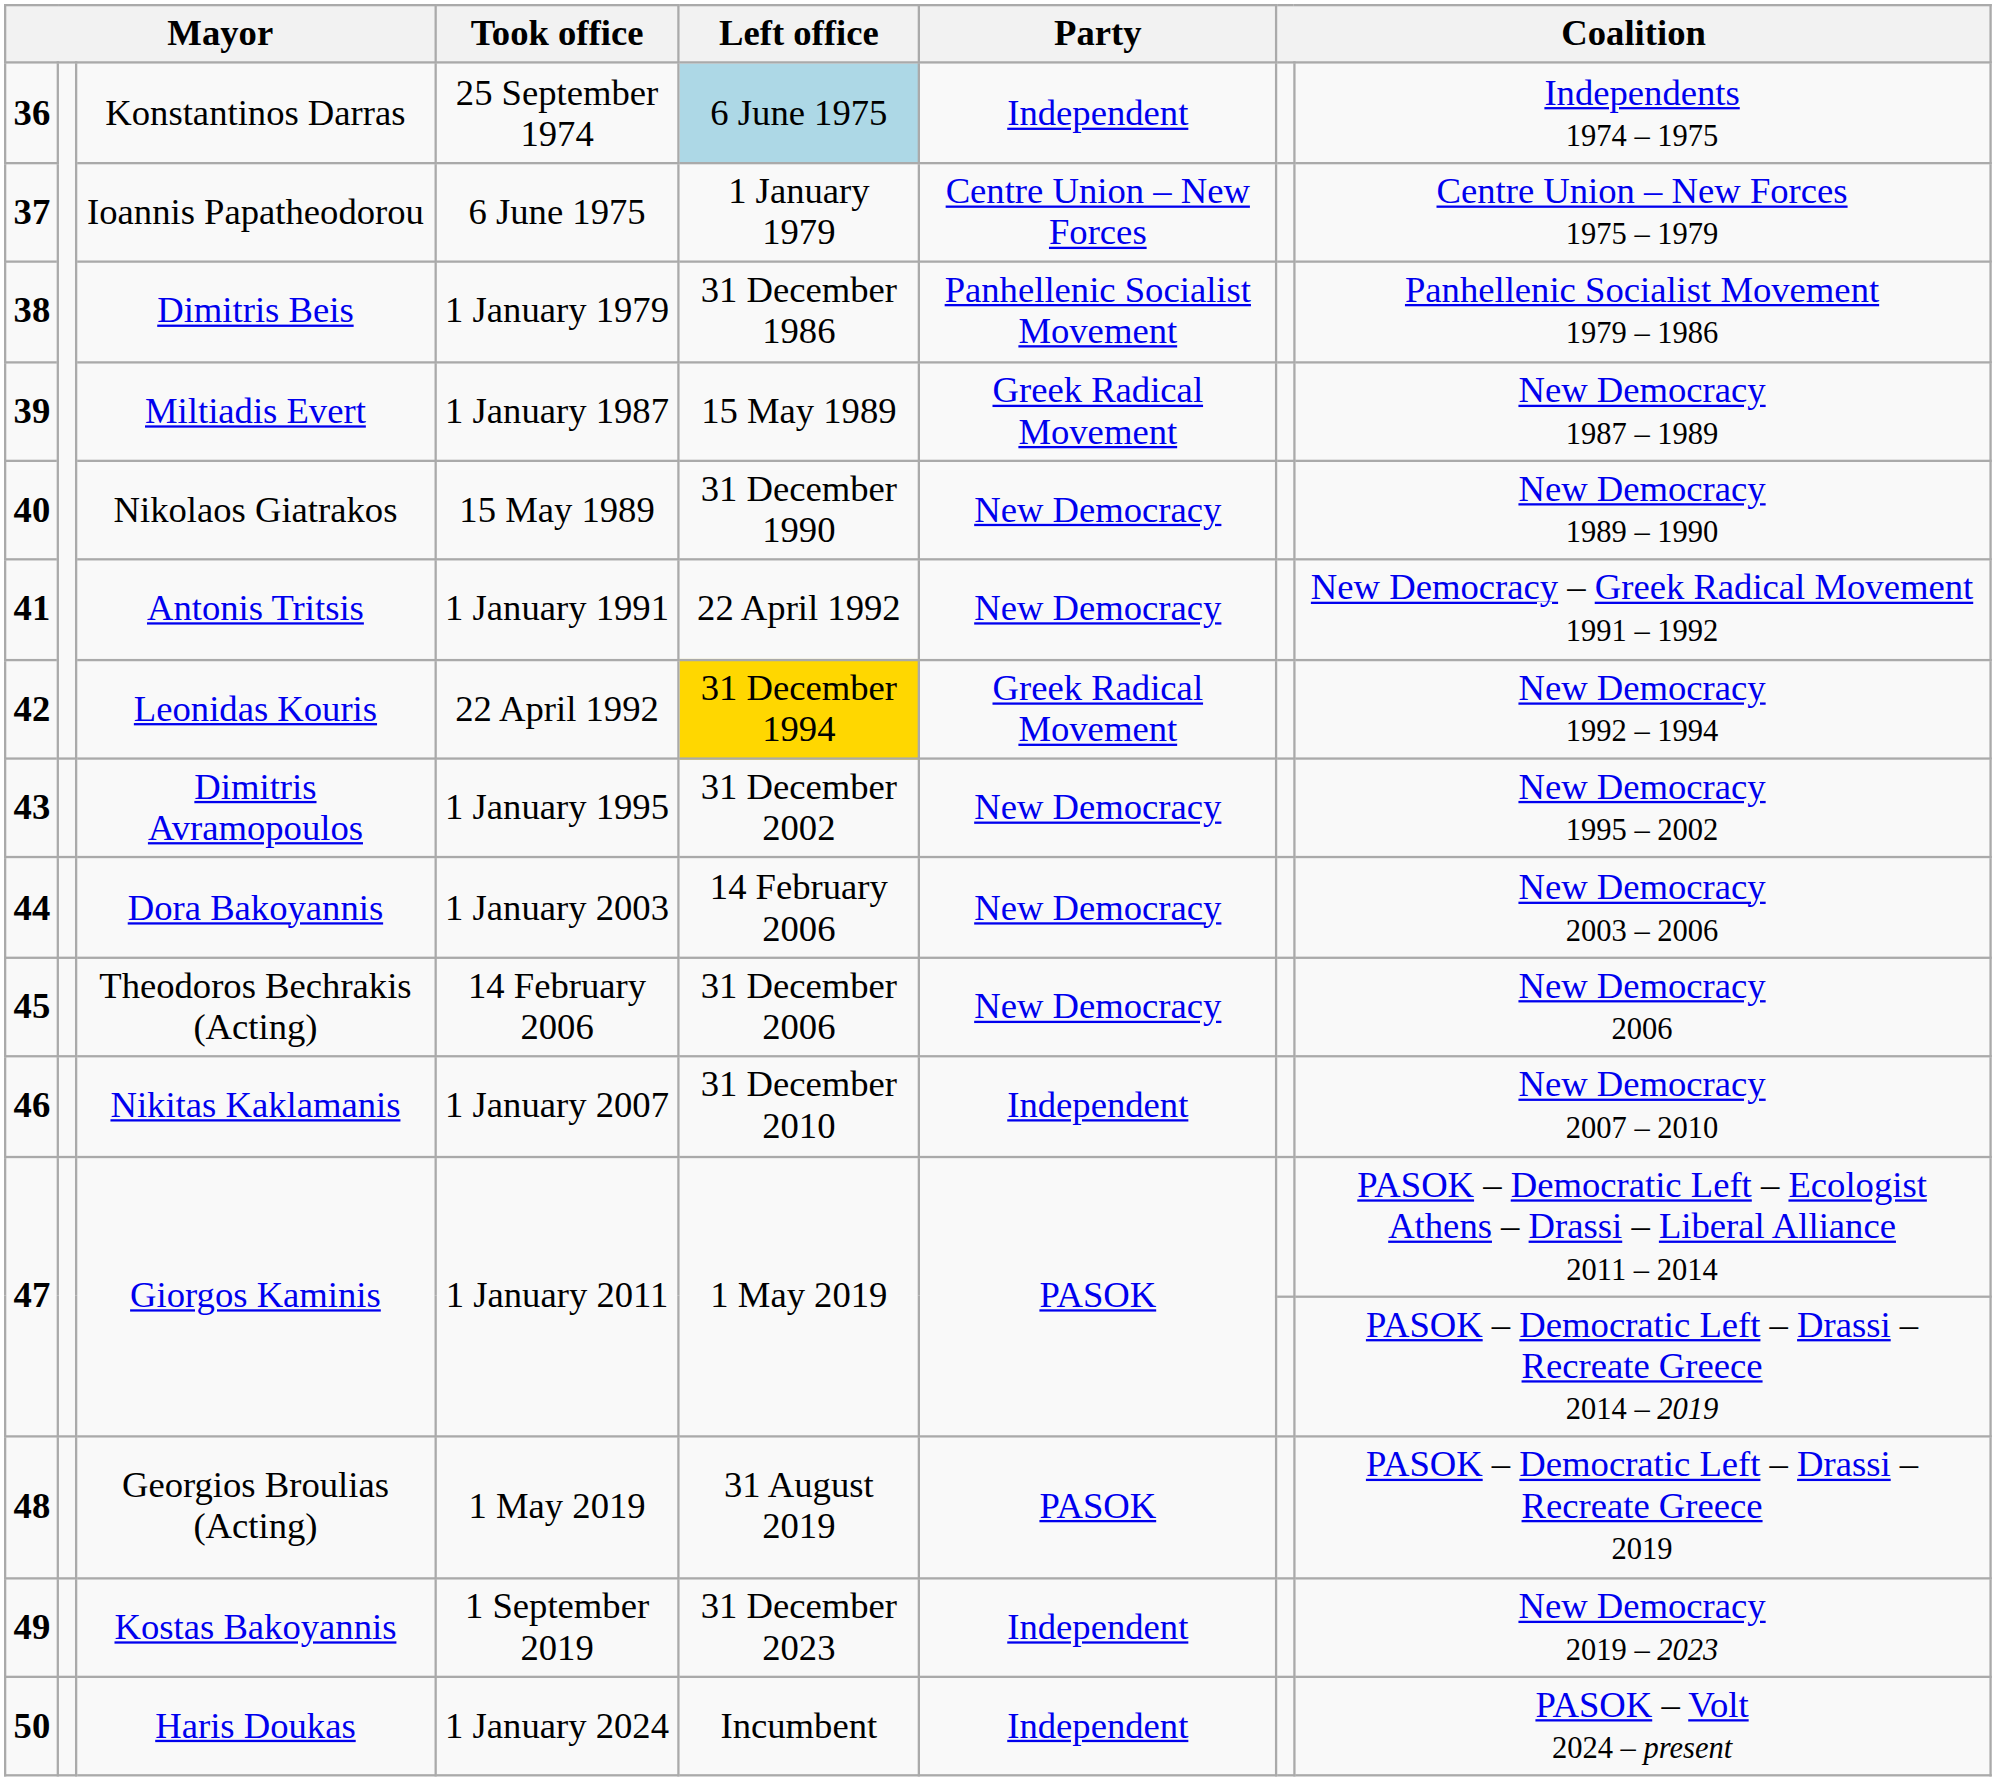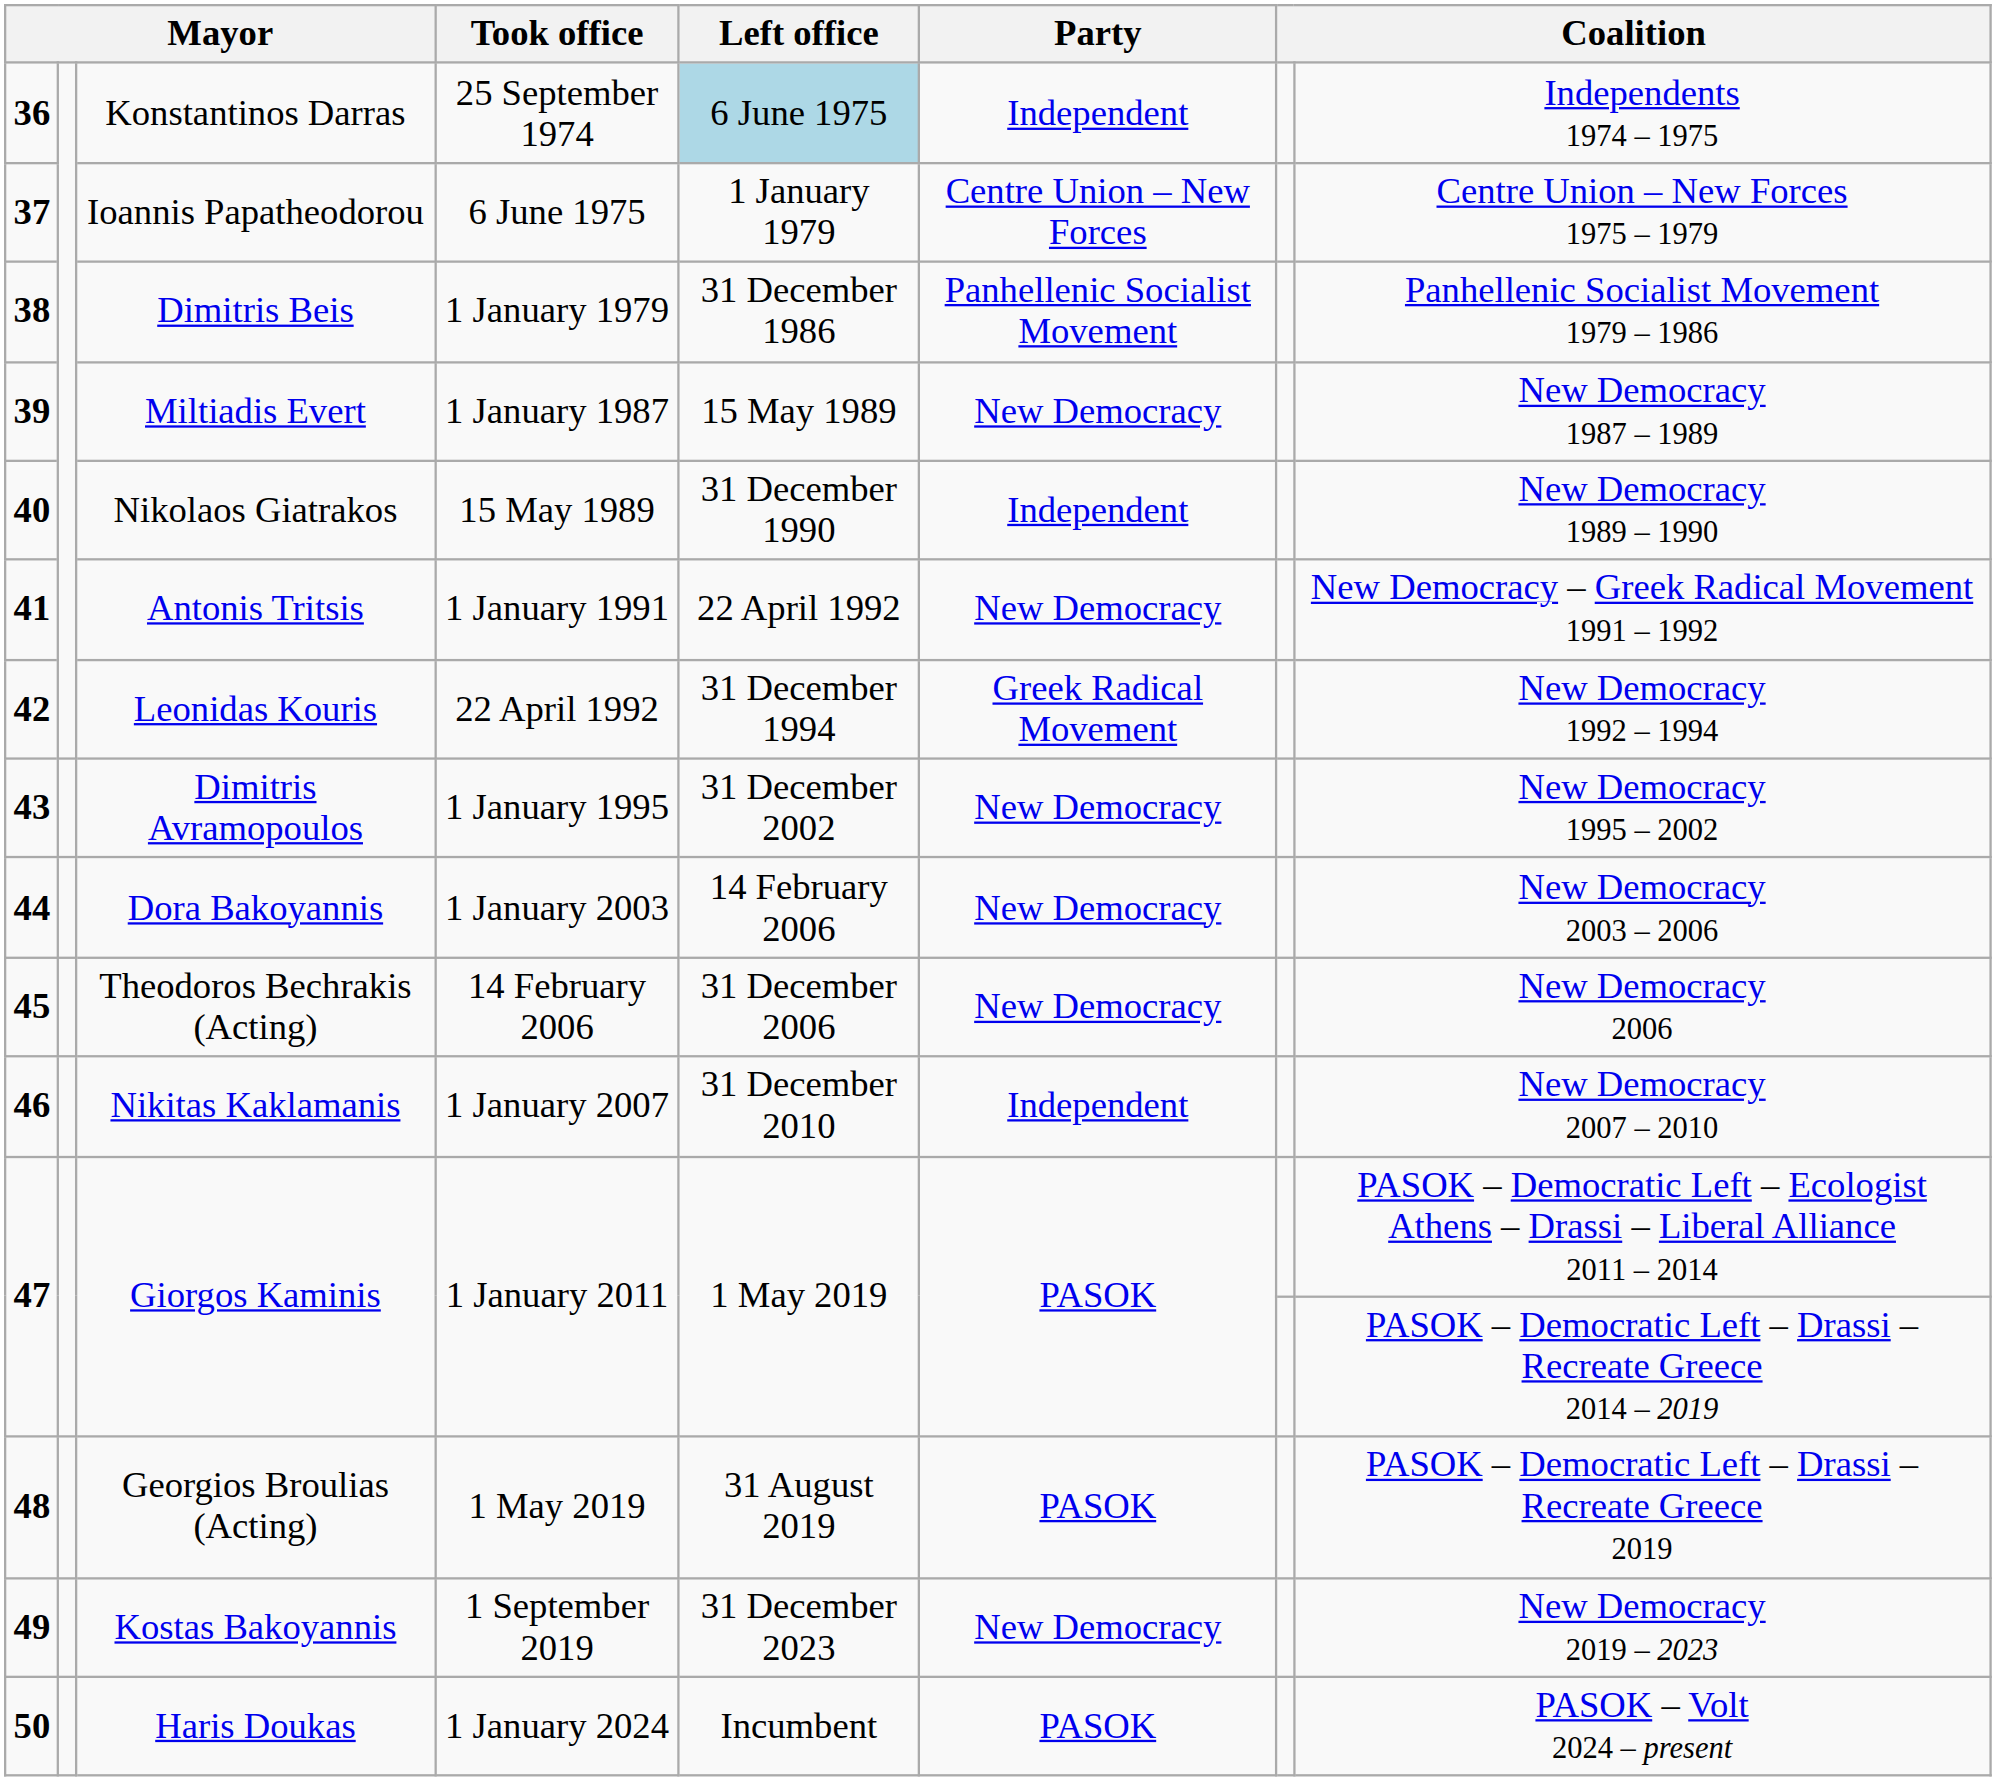 <table class="wikitable" style="text-align: center;">
 <tr>
 <th colspan="3">Mayor</th>
 <th>Took office</th>
 <th>Left office</th>
 <th>Party</th>
 <th colspan="2">Coalition</th>
 </tr>
 <tr>
 <td rowspan=1 style="background: "><strong>36</strong></td>
 <td rowspan=7></td>
 <td>Konstantinos Darras</td>
 <td>25 September 1974</td>
 <td style="background: lightblue;">6 June 1975</td>
 <td><a href='#'>Independent</a></td>
 <td style="background: "></td>
 <td><a href='#'>Independents</a> <br><small>1974 – 1975</small></td>
 </tr>
 <tr>
 <td rowspan=1 style="background: "><strong>37</strong></td>
 <td>Ioannis Papatheodorou</td>
 <td>6 June 1975</td>
 <td>1 January 1979</td>
 <td><a href='#'>Centre Union – New Forces</a></td>
 <td style="background: "></td>
 <td><a href='#'>Centre Union – New Forces</a> <br><small>1975 – 1979</small></td>
 </tr>
 <tr>
 <td rowspan=1 style="background: "><strong>38</strong></td>
 <td><a href='#'>Dimitris Beis</a></td>
 <td>1 January 1979</td>
 <td>31 December 1986</td>
 <td><a href='#'>Panhellenic Socialist Movement</a></td>
 <td style="background: "></td>
 <td><a href='#'>Panhellenic Socialist Movement</a> <br><small>1979 – 1986</small></td>
 </tr>
 <tr>
 <td rowspan=1 style="background: "><strong>39</strong></td>
 <td><a href='#'>Miltiadis Evert</a></td>
 <td>1 January 1987</td>
 <td>15 May 1989</td>
-<td><a href='#'>Greek Radical Movement</a></td>
+<td><a href='#'>New Democracy</a></td>
 <td style="background: "></td>
 <td><a href='#'>New Democracy</a> <br><small>1987 – 1989</small></td>
 </tr>
 <tr>
 <td rowspan=1 style="background: "><strong>40</strong></td>
 <td>Nikolaos Giatrakos</td>
 <td>15 May 1989</td>
 <td>31 December 1990</td>
-<td><a href='#'>New Democracy</a></td>
+<td><a href='#'>Independent</a></td>
 <td style="background: "></td>
 <td><a href='#'>New Democracy</a> <br><small>1989 – 1990</small></td>
 </tr>
 <tr>
 <td rowspan=1 style="background: "><strong>41</strong></td>
 <td><a href='#'>Antonis Tritsis</a></td>
 <td>1 January 1991</td>
 <td>22 April 1992</td>
 <td><a href='#'>New Democracy</a></td>
 <td style="background: "></td>
 <td><a href='#'>New Democracy</a> – <a href='#'>Greek Radical Movement</a> <br><small>1991 – 1992</small></td>
 </tr>
 <tr>
 <td rowspan=1 style="background: "><strong>42</strong></td>
 <td><a href='#'>Leonidas Kouris</a></td>
 <td>22 April 1992</td>
-<td style="background: gold;">31 December 1994</td>
+<td>31 December 1994</td>
 <td><a href='#'>Greek Radical Movement</a></td>
 <td style="background: "></td>
 <td><a href='#'>New Democracy</a> <br><small>1992 – 1994</small></td>
 </tr>
 <tr>
 <td rowspan=1 style="background: "><strong>43</strong></td>
 <td></td>
 <td><a href='#'>Dimitris Avramopoulos</a></td>
 <td>1 January 1995</td>
 <td>31 December 2002</td>
 <td><a href='#'>New Democracy</a></td>
 <td style="background: "></td>
 <td><a href='#'>New Democracy</a> <br><small>1995 – 2002</small></td>
 </tr>
 <tr>
 <td rowspan=1 style="background: "><strong>44</strong></td>
 <td></td>
 <td><a href='#'>Dora Bakoyannis</a></td>
 <td>1 January 2003</td>
 <td>14 February 2006</td>
 <td><a href='#'>New Democracy</a></td>
 <td style="background: "></td>
 <td><a href='#'>New Democracy</a> <br><small>2003 – 2006</small></td>
 </tr>
 <tr>
 <td rowspan=1 style="background: "><strong>45</strong></td>
 <td></td>
 <td>Theodoros Bechrakis (Acting)</td>
 <td>14 February 2006</td>
 <td>31 December 2006</td>
 <td><a href='#'>New Democracy</a></td>
 <td style="background: "></td>
 <td><a href='#'>New Democracy</a> <br><small>2006</small></td>
 </tr>
 <tr>
 <td rowspan=1 style="background: "><strong>46</strong></td>
 <td></td>
 <td><a href='#'>Nikitas Kaklamanis</a></td>
 <td>1 January 2007</td>
 <td>31 December 2010</td>
 <td><a href='#'>Independent</a></td>
 <td style="background: "></td>
 <td><a href='#'>New Democracy</a> <br><small>2007 – 2010</small></td>
 </tr>
 <tr>
 <td rowspan=2 style="background: "><strong>47</strong></td>
 <td rowspan=2></td>
 <td rowspan=2><a href='#'>Giorgos Kaminis</a></td>
 <td rowspan=2>1 January 2011</td>
 <td rowspan=2>1 May 2019</td>
 <td rowspan=2><a href='#'>PASOK</a></td>
 <td style="background: "></td>
 <td><a href='#'>PASOK</a> – <a href='#'>Democratic Left</a> – <a href='#'>Ecologist Athens</a> – <a href='#'>Drassi</a> – <a href='#'>Liberal Alliance</a> <br><small>2011 – 2014</small></td>
 </tr>
 <tr>
 <td style="background: "></td>
 <td><a href='#'>PASOK</a> – <a href='#'>Democratic Left</a> – <a href='#'>Drassi</a> – <a href='#'>Recreate Greece</a> <br><small>2014 – <em>2019</em></small></td>
 </tr>
 <tr>
 <td rowspan=1 style="background: "><strong>48</strong></td>
 <td></td>
 <td>Georgios Broulias (Acting)</td>
 <td>1 May 2019</td>
 <td>31 August 2019</td>
 <td><a href='#'>PASOK</a></td>
 <td style="background: "></td>
 <td><a href='#'>PASOK</a> – <a href='#'>Democratic Left</a> – <a href='#'>Drassi</a> – <a href='#'>Recreate Greece</a> <br><small>2019</small></td>
 </tr>
 <tr>
 <td rowspan=1 style="background: "><strong>49</strong></td>
 <td></td>
 <td><a href='#'>Kostas Bakoyannis</a></td>
 <td>1 September 2019</td>
 <td>31 December 2023</td>
-<td><a href='#'>Independent</a></td>
+<td><a href='#'>New Democracy</a></td>
 <td style="background: "></td>
 <td><a href='#'>New Democracy</a> <br><small>2019 – <em>2023</em></small></td>
 </tr>
 <tr>
 <td rowspan=1 style="background: "><strong>50</strong></td>
 <td></td>
 <td><a href='#'>Haris Doukas</a></td>
 <td>1 January 2024</td>
 <td>Incumbent</td>
-<td><a href='#'>Independent</a></td>
+<td><a href='#'>PASOK</a></td>
 <td style="background: "></td>
 <td><a href='#'>PASOK</a> – <a href='#'>Volt</a> <br><small>2024 – <em>present</em></small></td>
 </tr>
 </table>
